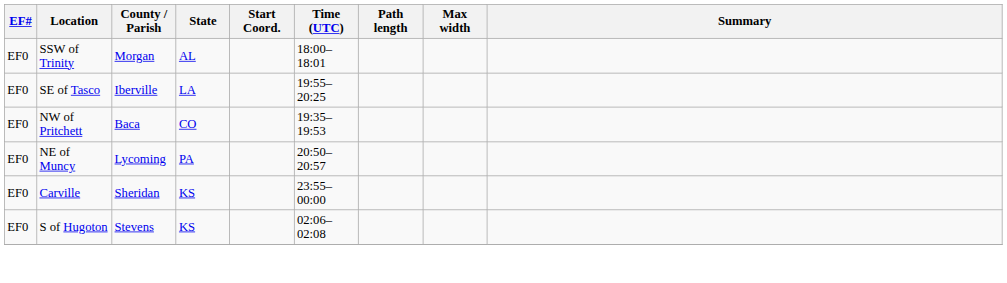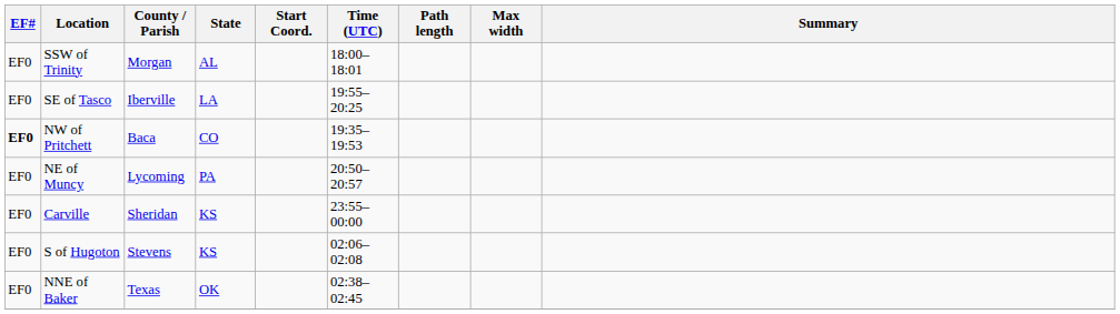 <table class="wikitable sortable" style="width:100%;">
 <tr>
 <th scope="col"  style="width:3%; text-align:center;"><a href='#'>EF#</a></th>
 <th scope="col"  style="width:7%; text-align:center;" class="unsortable">Location</th>
 <th scope="col"  style="width:6%; text-align:center;" class="unsortable">County / Parish</th>
 <th scope="col"  style="width:5%; text-align:center;">State</th>
 <th scope="col"  style="width:6%; text-align:center;">Start Coord.</th>
 <th scope="col"  style="width:6%; text-align:center;">Time (<a href='#'>UTC</a>)</th>
 <th scope="col"  style="width:6%; text-align:center;">Path length</th>
 <th scope="col"  style="width:6%; text-align:center;">Max width</th>
 <th scope="col" class="unsortable" style="width:48%; text-align:center;">Summary</th>
 </tr>
 <tr>
 <td>EF0</td>
 <td>SSW of <a href='#'>Trinity</a></td>
 <td><a href='#'>Morgan</a></td>
 <td><a href='#'>AL</a></td>
 <td></td>
 <td>18:00–18:01</td>
 <td></td>
 <td></td>
 <td></td>
 </tr>
 <tr>
 <td>EF0</td>
 <td>SE of <a href='#'>Tasco</a></td>
 <td><a href='#'>Iberville</a></td>
 <td><a href='#'>LA</a></td>
 <td></td>
 <td>19:55–20:25</td>
 <td></td>
 <td></td>
 <td></td>
 </tr>
 <tr>
-<td>EF0</td>
+<td><strong>EF0</strong></td>
 <td>NW of <a href='#'>Pritchett</a></td>
 <td><a href='#'>Baca</a></td>
 <td><a href='#'>CO</a></td>
 <td></td>
 <td>19:35–19:53</td>
 <td></td>
 <td></td>
 <td></td>
 </tr>
 <tr>
 <td>EF0</td>
 <td>NE of <a href='#'>Muncy</a></td>
 <td><a href='#'>Lycoming</a></td>
 <td><a href='#'>PA</a></td>
 <td></td>
 <td>20:50–20:57</td>
 <td></td>
 <td></td>
 <td></td>
 </tr>
 <tr>
 <td>EF0</td>
 <td><a href='#'>Carville</a></td>
 <td><a href='#'>Sheridan</a></td>
 <td><a href='#'>KS</a></td>
 <td></td>
 <td>23:55–00:00</td>
 <td></td>
 <td></td>
 <td></td>
 </tr>
 <tr>
 <td>EF0</td>
 <td>S of <a href='#'>Hugoton</a></td>
 <td><a href='#'>Stevens</a></td>
 <td><a href='#'>KS</a></td>
 <td></td>
 <td>02:06–02:08</td>
 <td></td>
 <td></td>
 <td></td>
 </tr>
 <tr>
+<td>EF0</td>
+<td>NNE of <a href='#'>Baker</a></td>
+<td><a href='#'>Texas</a></td>
+<td><a href='#'>OK</a></td>
+<td></td>
+<td>02:38–02:45</td>
+<td></td>
+<td></td>
+<td></td>
+</tr>
+<tr>
 </tr>
 </table>
